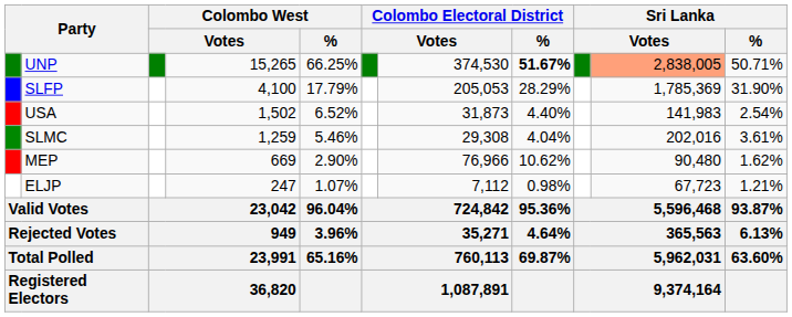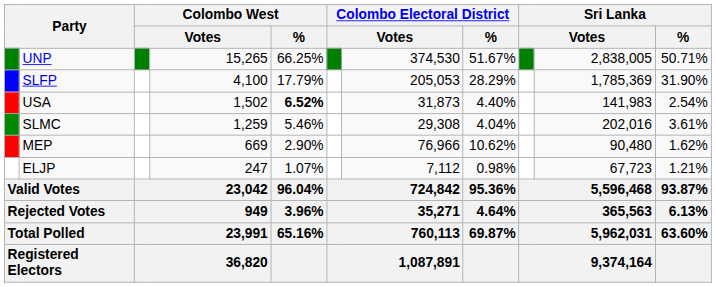 <table class="wikitable">
 <tr>
 <th colspan="2" width="144px"rowspan="2">Party</th>
 <th colspan="3" width="216px">Colombo West</th>
 <th colspan="3" width="216px"><a href='#'>Colombo Electoral District</a></th>
 <th colspan="3" width="216px">Sri Lanka</th>
 </tr>
 <tr>
 <th colspan="2" width="144px">Votes</th>
 <th>%</th>
 <th colspan="2" width="144px">Votes</th>
 <th>%</th>
 <th colspan="2" width="144px">Votes</th>
 <th>%</th>
 </tr>
 <tr>
 <td style="background-color:green;" width="10px"></td>
 <td style="text-align:left;"><a href='#'>UNP</a></td>
 <td style="background-color:green;" width="10px"></td>
 <td style="text-align:right;">15,265</td>
 <td style="text-align:right;">66.25%</td>
 <td style="background-color:green;" width="10px"></td>
 <td style="text-align:right;">374,530</td>
-<td style="text-align:right;"><strong>51.67%</strong></td>
+<td style="text-align:right;">51.67%</td>
 <td style="background-color:green;" width="10px"></td>
-<td style="background: lightsalmon; text-align:right;">2,838,005</td>
+<td style="text-align:right;">2,838,005</td>
 <td style="text-align:right;">50.71%</td>
 </tr>
 <tr>
 <td style="background-color:blue;" width="10px"></td>
 <td style="text-align:left;"><a href='#'>SLFP</a></td>
 <td style="background-color:white;" width="10px"></td>
 <td style="text-align:right;">4,100</td>
 <td style="text-align:right;">17.79%</td>
 <td style="background-color:white;" width="10px"></td>
 <td style="text-align:right;">205,053</td>
 <td style="text-align:right;">28.29%</td>
 <td style="background-color:white;" width="10px"></td>
 <td style="text-align:right;">1,785,369</td>
 <td style="text-align:right;">31.90%</td>
 </tr>
 <tr>
 <td style="background-color:red;" width="10px"></td>
 <td style="text-align:left;">USA</td>
 <td style="background-color:white;" width="10px"></td>
 <td style="text-align:right;">1,502</td>
-<td style="text-align:right;">6.52%</td>
+<td style="text-align:right;"><strong>6.52%</strong></td>
 <td style="background-color:white;" width="10px"></td>
 <td style="text-align:right;">31,873</td>
 <td style="text-align:right;">4.40%</td>
 <td style="background-color:white;" width="10px"></td>
 <td style="text-align:right;">141,983</td>
 <td style="text-align:right;">2.54%</td>
 </tr>
 <tr>
 <td style="background-color:#008800;" width="10px"></td>
 <td style="text-align:left;">SLMC</td>
 <td style="background-color:white;" width="10px"></td>
 <td style="text-align:right;">1,259</td>
 <td style="text-align:right;">5.46%</td>
 <td style="background-color:white;" width="10px"></td>
 <td style="text-align:right;">29,308</td>
 <td style="text-align:right;">4.04%</td>
 <td style="background-color:white;" width="10px"></td>
 <td style="text-align:right;">202,016</td>
 <td style="text-align:right;">3.61%</td>
 </tr>
 <tr>
 <td style="background-color:red;" width="10px"></td>
 <td style="text-align:left;">MEP</td>
 <td style="background-color:white;" width="10px"></td>
 <td style="text-align:right;">669</td>
 <td style="text-align:right;">2.90%</td>
 <td style="background-color:white;" width="10px"></td>
 <td style="text-align:right;">76,966</td>
 <td style="text-align:right;">10.62%</td>
 <td style="background-color:white;" width="10px"></td>
 <td style="text-align:right;">90,480</td>
 <td style="text-align:right;">1.62%</td>
 </tr>
 <tr>
 <td style="background-color:white;" width="10px"></td>
 <td style="text-align:left;">ELJP</td>
 <td style="background-color:white;" width="10px"></td>
 <td style="text-align:right;">247</td>
 <td style="text-align:right;">1.07%</td>
 <td style="background-color:white;" width="10px"></td>
 <td style="text-align:right;">7,112</td>
 <td style="text-align:right;">0.98%</td>
 <td style="background-color:white;" width="10px"></td>
 <td style="text-align:right;">67,723</td>
 <td style="text-align:right;">1.21%</td>
 </tr>
 <tr>
 <th colspan="2" width="144px"style="text-align:left;">Valid Votes</th>
 <th style="text-align:right;"colspan="2" width="144px">23,042</th>
 <th style="text-align:right;">96.04%</th>
 <th style="text-align:right;"colspan="2" width="144px">724,842</th>
 <th style="text-align:right;">95.36%</th>
 <th style="text-align:right;"colspan="2" width="144px">5,596,468</th>
 <th style="text-align:right;">93.87%</th>
 </tr>
 <tr>
 <th colspan="2" width="144px"style="text-align:left;">Rejected Votes</th>
 <th style="text-align:right;"colspan="2" width="144px">949</th>
 <th style="text-align:right;">3.96%</th>
 <th style="text-align:right;"colspan="2" width="144px">35,271</th>
 <th style="text-align:right;">4.64%</th>
 <th style="text-align:right;"colspan="2" width="144px">365,563</th>
 <th style="text-align:right;">6.13%</th>
 </tr>
 <tr>
 <th colspan="2" width="144px"style="text-align:left;">Total Polled</th>
 <th style="text-align:right;"colspan="2" width="144px">23,991</th>
 <th style="text-align:right;">65.16%</th>
 <th style="text-align:right;"colspan="2" width="144px">760,113</th>
 <th style="text-align:right;">69.87%</th>
 <th style="text-align:right;"colspan="2" width="144px">5,962,031</th>
 <th style="text-align:right;">63.60%</th>
 </tr>
 <tr>
 <th colspan="2" width="144px"style="text-align:left;">Registered Electors</th>
 <th style="text-align:right;"colspan="2" width="144px">36,820</th>
 <th></th>
 <th style="text-align:right;"colspan="2" width="144px">1,087,891</th>
 <th></th>
 <th style="text-align:right;"colspan="2" width="144px">9,374,164</th>
 <th></th>
 </tr>
 </table>
